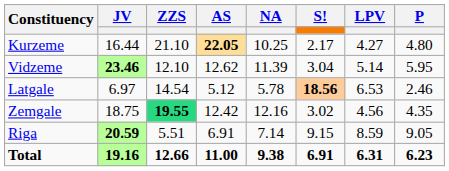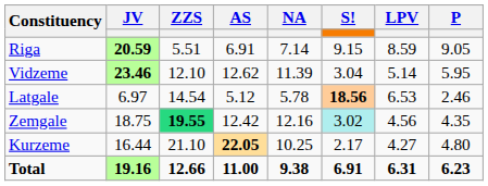 <table class="wikitable sortable" style="text-align:center;font-size:90%;line-height:14px">
 <tr>
 <th rowspan="2" class="wikitable sortable">Constituency</th>
 <th class="wikitable sortable" style="width:40px;"><a href='#'>JV</a></th>
 <th class="wikitable sortable" style="width:40px;"><a href='#'>ZZS</a></th>
 <th class="wikitable sortable" style="width:40px;"><a href='#'>AS</a></th>
 <th class="wikitable sortable" style="width:40px;"><a href='#'>NA</a></th>
 <th class="wikitable sortable" style="width:40px;"><a href='#'>S!</a></th>
 <th class="wikitable sortable" style="width:40px;"><a href='#'>LPV</a></th>
 <th class="wikitable sortable" style="width:40px;"><a href='#'>P</a></th>
 </tr>
 <tr>
 <th class="wikitable sortable" style="background:"></th>
 <th class="wikitable sortable" style="background:"></th>
 <th class="wikitable sortable" style="background:"></th>
 <th class="wikitable sortable" style="background:"></th>
 <th class="wikitable sortable" style="background:#F77C01;"></th>
 <th class="wikitable sortable" style="background:"></th>
 <th class="wikitable sortable" style="background:"></th>
 </tr>
 <tr>
-<td align="left"><a href='#'>Kurzeme</a></td>
-<td>16.44</td>
-<td>21.10</td>
-<td style="background:#ffde99;"><strong>22.05</strong></td>
-<td>10.25</td>
-<td>2.17</td>
-<td>4.27</td>
-<td>4.80</td>
+<td align="left"><a href='#'>Riga</a></td>
+<td style="background:#b9ff99;"><strong>20.59</strong></td>
+<td>5.51</td>
+<td>6.91</td>
+<td>7.14</td>
+<td>9.15</td>
+<td>8.59</td>
+<td>9.05</td>
 </tr>
 <tr>
 <td align="left"><a href='#'>Vidzeme</a></td>
 <td style="background:#b9ff99;"><strong>23.46</strong></td>
 <td>12.10</td>
 <td>12.62</td>
 <td>11.39</td>
 <td>3.04</td>
 <td>5.14</td>
 <td>5.95</td>
 </tr>
 <tr>
 <td align="left"><a href='#'>Latgale</a></td>
 <td>6.97</td>
 <td>14.54</td>
 <td>5.12</td>
 <td>5.78</td>
 <td style="background:#ffcc99;"><strong>18.56</strong></td>
 <td>6.53</td>
 <td>2.46</td>
 </tr>
 <tr>
 <td align="left"><a href='#'>Zemgale</a></td>
 <td>18.75</td>
 <td style="background:#26d980;"><strong>19.55</strong></td>
 <td>12.42</td>
 <td>12.16</td>
-<td>3.02</td>
+<td style="background: paleturquoise;">3.02</td>
 <td>4.56</td>
 <td>4.35</td>
 </tr>
 <tr>
-<td align="left"><a href='#'>Riga</a></td>
-<td style="background:#b9ff99;"><strong>20.59</strong></td>
-<td>5.51</td>
-<td>6.91</td>
-<td>7.14</td>
-<td>9.15</td>
-<td>8.59</td>
-<td>9.05</td>
+<td align="left"><a href='#'>Kurzeme</a></td>
+<td>16.44</td>
+<td>21.10</td>
+<td style="background:#ffde99;"><strong>22.05</strong></td>
+<td>10.25</td>
+<td>2.17</td>
+<td>4.27</td>
+<td>4.80</td>
 </tr>
 <tr class="sortbottom">
 <td align="left"><strong>Total</strong></td>
 <td style="background:#b9ff99;"><strong>19.16</strong></td>
 <td><strong>12.66</strong></td>
 <td><strong>11.00</strong></td>
 <td><strong>9.38</strong></td>
 <td><strong>6.91</strong></td>
 <td><strong>6.31</strong></td>
 <td><strong>6.23</strong></td>
 </tr>
 </table>
